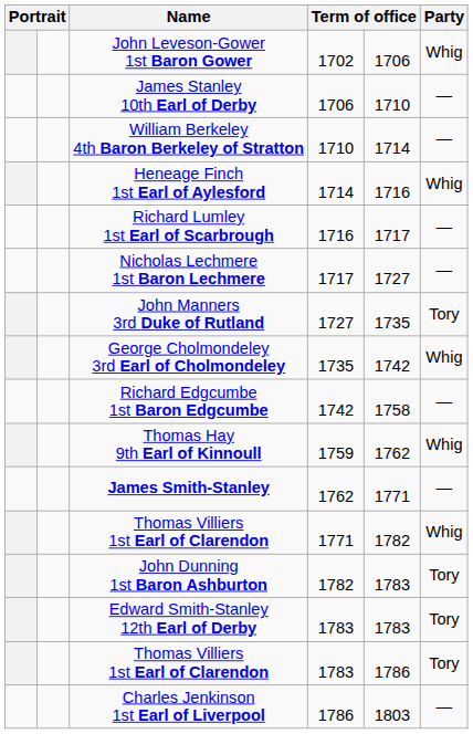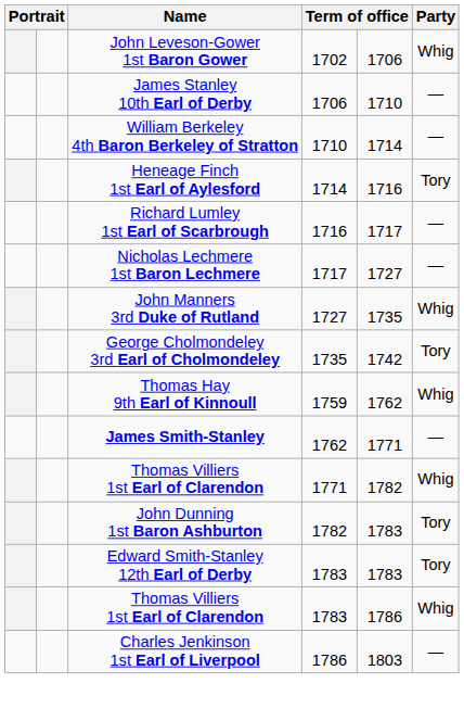 <table class="wikitable" style="text-align:center">
 <tr>
 <th colspan=2>Portrait</th>
 <th>Name<br></th>
 <th colspan=2>Term of office</th>
 <th>Party</th>
 </tr>
 <tr>
 <th style="background-color: "></th>
 <td></td>
 <td><a href='#'>John Leveson-Gower<br>1st <strong>Baron Gower</strong></a><br> </td>
 <td><br>1702</td>
 <td><br>1706</td>
 <td>Whig</td>
 </tr>
 <tr>
 <td></td>
 <td></td>
 <td><a href='#'>James Stanley<br>10th <strong>Earl of Derby</strong></a><br></td>
 <td><br>1706</td>
 <td><br>1710</td>
 <td>—</td>
 </tr>
 <tr>
 <td></td>
 <td></td>
 <td><a href='#'>William Berkeley<br>4th <strong>Baron Berkeley of Stratton</strong></a><br></td>
 <td><br>1710</td>
 <td><br>1714</td>
 <td>—</td>
 </tr>
 <tr>
 <th style="background-color: "></th>
 <td></td>
 <td><a href='#'>Heneage Finch<br>1st <strong>Earl of Aylesford</strong></a><br></td>
 <td><br>1714</td>
 <td><br>1716</td>
-<td>Whig</td>
+<td>Tory</td>
 </tr>
 <tr>
 <td></td>
 <td></td>
 <td><a href='#'>Richard Lumley<br>1st <strong>Earl of Scarbrough</strong></a><br></td>
 <td><br>1716</td>
 <td><br>1717</td>
 <td>—</td>
 </tr>
 <tr>
 <td></td>
 <td></td>
 <td><a href='#'>Nicholas Lechmere<br>1st <strong>Baron Lechmere</strong></a><br> </td>
 <td><br>1717</td>
 <td><br>1727</td>
 <td>—</td>
 </tr>
 <tr>
 <th style="background-color: "></th>
 <td></td>
 <td><a href='#'>John Manners<br>3rd <strong>Duke of Rutland</strong></a><br></td>
 <td><br>1727</td>
 <td><br>1735</td>
-<td>Tory</td>
+<td>Whig</td>
 </tr>
 <tr>
 <th style="background-color: "></th>
 <td></td>
 <td><a href='#'>George Cholmondeley<br>3rd <strong>Earl of Cholmondeley</strong></a><br></td>
 <td><br>1735</td>
 <td><br>1742</td>
-<td>Whig</td>
-</tr>
-<tr>
-<td></td>
-<td></td>
-<td><a href='#'>Richard Edgcumbe<br>1st <strong>Baron Edgcumbe</strong></a><br></td>
-<td><br>1742</td>
-<td><br>1758</td>
-<td>—</td>
+<td>Tory</td>
 </tr>
 <tr>
 <th style="background-color: "></th>
 <td></td>
 <td><a href='#'>Thomas Hay<br>9th <strong>Earl of Kinnoull</strong></a><br></td>
 <td><br>1759</td>
 <td><br>1762</td>
 <td>Whig</td>
 </tr>
 <tr>
 <td></td>
 <td></td>
 <td><a href='#'><strong>James Smith-Stanley</strong></a><br> </td>
 <td><br>1762</td>
 <td><br>1771</td>
 <td>—</td>
 </tr>
 <tr>
 <th style="background-color: "></th>
 <td></td>
 <td><a href='#'>Thomas Villiers<br>1st <strong>Earl of Clarendon</strong></a><br> </td>
 <td><br>1771</td>
 <td><br>1782</td>
 <td>Whig</td>
 </tr>
 <tr>
 <th style="background-color: "></th>
 <td></td>
 <td><a href='#'>John Dunning<br>1st <strong>Baron Ashburton</strong></a><br></td>
 <td><br>1782</td>
 <td><br>1783</td>
 <td>Tory</td>
 </tr>
 <tr>
 <th style="background-color: "></th>
 <td></td>
 <td><a href='#'>Edward Smith-Stanley<br>12th <strong>Earl of Derby</strong></a><br></td>
 <td><br>1783</td>
 <td><br>1783</td>
 <td>Tory</td>
 </tr>
 <tr>
 <th style="background-color: "></th>
 <td></td>
 <td><a href='#'>Thomas Villiers<br>1st <strong>Earl of Clarendon</strong></a><br></td>
 <td><br>1783</td>
 <td><br>1786</td>
-<td>Tory</td>
+<td>Whig</td>
 </tr>
 <tr>
 <td></td>
 <td></td>
 <td><a href='#'>Charles Jenkinson<br>1st <strong>Earl of Liverpool</strong></a><br> </td>
 <td><br>1786</td>
 <td><br>1803</td>
 <td>—</td>
 </tr>
 </table>
